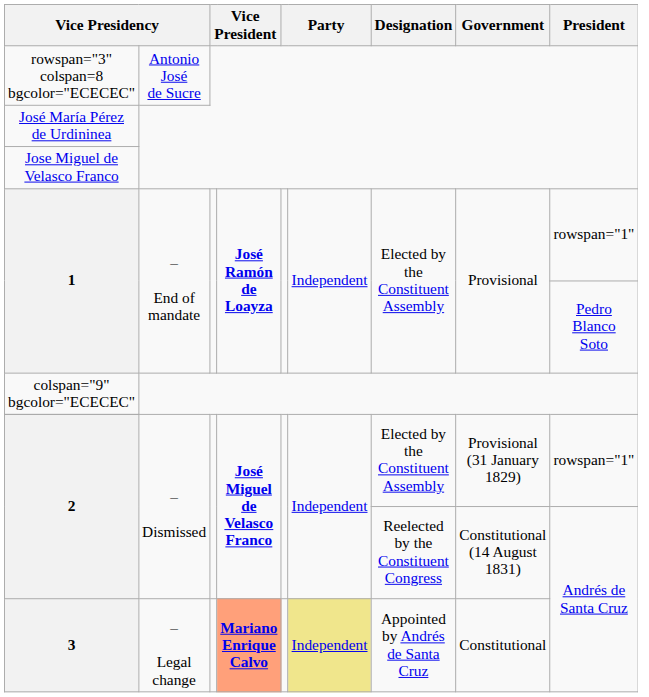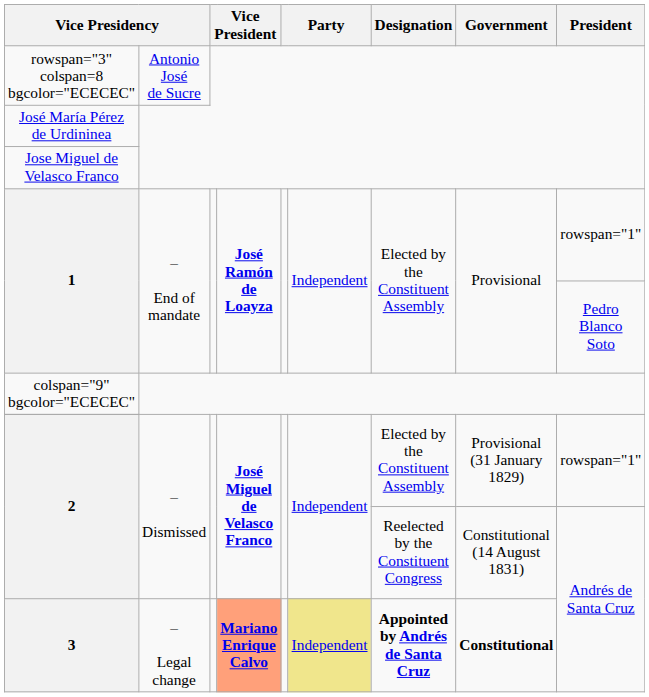 <table class="wikitable" style="text-align:center;">
 <tr>
 <th colspan="2">Vice Presidency</th>
 <th colspan="2">Vice President</th>
 <th colspan="2">Party</th>
 <th>Designation</th>
 <th>Government</th>
 <th>President</th>
 </tr>
 <tr style="height:2em;">
 <td>rowspan="3" colspan=8 bgcolor="ECECEC" </td>
 <td rowspan="1"><a href='#'>Antonio José<br>de Sucre</a></td>
 </tr>
 <tr style="height:2em;">
 <td rowspan="1"><a href='#'>José María Pérez<br>de Urdininea</a></td>
 </tr>
 <tr style="height:2em;">
 <td rowspan="1"><a href='#'>Jose Miguel de<br>Velasco Franco</a></td>
 </tr>
 <tr style="height:6em;">
 <th rowspan="2">1</th>
 <td rowspan="2"><br>–<br><br>End of mandate</td>
 <td rowspan="2" data-sort-value="de Loayza, José Ramón"></td>
 <td rowspan="2"><strong><a href='#'>José Ramón <br>de Loayza</a></strong></td>
 <td rowspan="2" style="background-color:"></td>
 <td rowspan="2"><a href='#'>Independent</a></td>
 <td rowspan="2">Elected by the <a href='#'>Constituent Assembly</a></td>
 <td rowspan="2">Provisional</td>
 <td>rowspan="1" </td>
 </tr>
 <tr style="height:6em;">
 <td rowspan="1"><a href='#'>Pedro Blanco<br>Soto</a></td>
 </tr>
 <tr>
 <td>colspan="9" bgcolor="ECECEC" </td>
 </tr>
 <tr>
 </tr>
 <tr style="height:6em;">
 <th rowspan="2">2</th>
 <td rowspan="2"><br>–<br><br>Dismissed</td>
 <td rowspan="2" data-sort-value="de Velasco Franco, José Miguel"></td>
 <td rowspan="2"><strong><a href='#'>José Miguel de<br>Velasco Franco</a></strong></td>
 <td rowspan="2" style="background-color:"></td>
 <td rowspan="2"><a href='#'>Independent</a></td>
 <td rowspan="1">Elected by the <a href='#'>Constituent Assembly</a></td>
 <td rowspan="1">Provisional<br>(31 January 1829)</td>
 <td>rowspan="1" </td>
 </tr>
 <tr style="height:6em;">
 <td rowspan="1">Reelected by the <a href='#'>Constituent Congress</a></td>
 <td rowspan="1">Constitutional<br>(14 August 1831)</td>
 <td rowspan="2"><a href='#'>Andrés de<br>Santa Cruz</a></td>
 </tr>
 <tr style="height:6em;">
 <th rowspan="1">3</th>
 <td rowspan="1"><br>–<br><br>Legal change</td>
 <td rowspan="1" data-sort-value="Calvo, Mariano"></td>
 <td rowspan="1" style="background: lightsalmon;"><strong><a href='#'>Mariano Enrique<br>Calvo</a></strong></td>
 <td rowspan="1" style="background-color:"></td>
 <td rowspan="1" style="background: khaki;"><a href='#'>Independent</a></td>
-<td rowspan="1">Appointed by <a href='#'>Andrés de Santa Cruz</a></td>
-<td rowspan="1">Constitutional</td>
+<td rowspan="1"><strong>Appointed by <a href='#'>Andrés de Santa Cruz</a></strong></td>
+<td rowspan="1"><strong>Constitutional</strong></td>
 </tr>
 </table>
